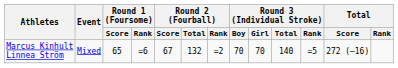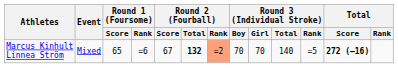 <table class="wikitable" style="font-size:90%">
 <tr>
 <th rowspan="2">Athletes</th>
 <th rowspan="2">Event</th>
 <th colspan="2">Round 1<br>(Foursome)</th>
 <th colspan="3">Round 2<br>(Fourball)</th>
 <th colspan="4">Round 3<br>(Individual Stroke)</th>
 <th colspan="2">Total</th>
 </tr>
 <tr style="font-size:95%">
 <th>Score</th>
 <th>Rank</th>
 <th>Score</th>
 <th>Total</th>
 <th>Rank</th>
 <th>Boy</th>
 <th>Girl</th>
 <th>Total</th>
 <th>Rank</th>
 <th>Score</th>
 <th>Rank</th>
 </tr>
 <tr align=center>
 <td align=left><a href='#'>Marcus Kinhult</a><br><a href='#'>Linnea Ström</a></td>
 <td align=left><a href='#'>Mixed</a></td>
 <td>65</td>
 <td>=6</td>
 <td>67</td>
-<td>132</td>
-<td>=2</td>
+<td><strong>132</strong></td>
+<td style="background: lightsalmon;">=2</td>
 <td>70</td>
 <td>70</td>
 <td>140</td>
 <td>=5</td>
-<td>272 (–16)</td>
+<td><strong>272 (–16)</strong></td>
 <td></td>
 </tr>
 </table>
